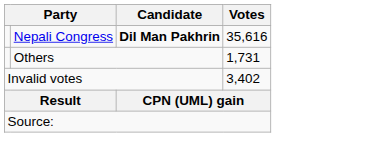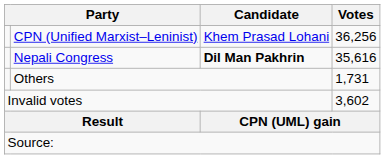 <table class="wikitable">
 <tr>
 <th colspan="2">Party</th>
 <th>Candidate</th>
 <th>Votes</th>
+</tr>
+<tr>
+<td style="background-color:"></td>
+<td><a href='#'>CPN (Unified Marxist–Leninist)</a></td>
+<td><a href='#'>Khem Prasad Lohani</a></td>
+<td>36,256</td>
 </tr>
 <tr>
 <td style="background-color:"></td>
 <td><a href='#'>Nepali Congress</a></td>
 <td><strong>Dil Man Pakhrin</strong></td>
 <td>35,616</td>
 </tr>
 <tr>
 <td></td>
 <td colspan="2">Others</td>
 <td>1,731</td>
 </tr>
 <tr>
 <td colspan="3">Invalid votes</td>
-<td>3,402</td>
+<td>3,602</td>
 </tr>
 <tr>
 <th colspan="2">Result</th>
 <th colspan="2">CPN (UML) gain</th>
 </tr>
 <tr>
 <td colspan="4">Source: </td>
 </tr>
 </table>
